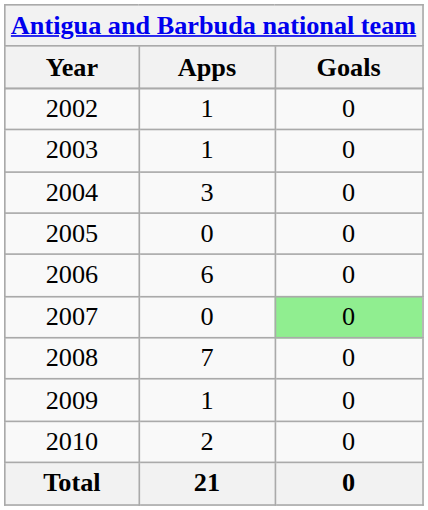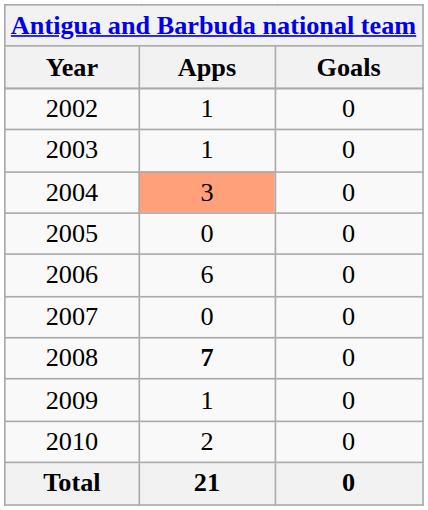 <table class="wikitable" style="text-align:center">
 <tr>
 <th colspan=3><a href='#'>Antigua and Barbuda national team</a></th>
 </tr>
 <tr>
 <th>Year</th>
 <th>Apps</th>
 <th>Goals</th>
 </tr>
 <tr>
 </tr>
 <tr>
 <td>2002</td>
 <td>1</td>
 <td>0</td>
 </tr>
 <tr>
 <td>2003</td>
 <td>1</td>
 <td>0</td>
 </tr>
 <tr>
 <td>2004</td>
-<td>3</td>
+<td style="background: lightsalmon;">3</td>
 <td>0</td>
 </tr>
 <tr>
 <td>2005</td>
 <td>0</td>
 <td>0</td>
 </tr>
 <tr>
 <td>2006</td>
 <td>6</td>
 <td>0</td>
 </tr>
 <tr>
 <td>2007</td>
 <td>0</td>
-<td style="background: lightgreen;">0</td>
+<td>0</td>
 </tr>
 <tr>
 <td>2008</td>
-<td>7</td>
+<td><strong>7</strong></td>
 <td>0</td>
 </tr>
 <tr>
 <td>2009</td>
 <td>1</td>
 <td>0</td>
 </tr>
 <tr>
 <td>2010</td>
 <td>2</td>
 <td>0</td>
 </tr>
 <tr>
 <th>Total</th>
 <th>21</th>
 <th>0</th>
 </tr>
 </table>
